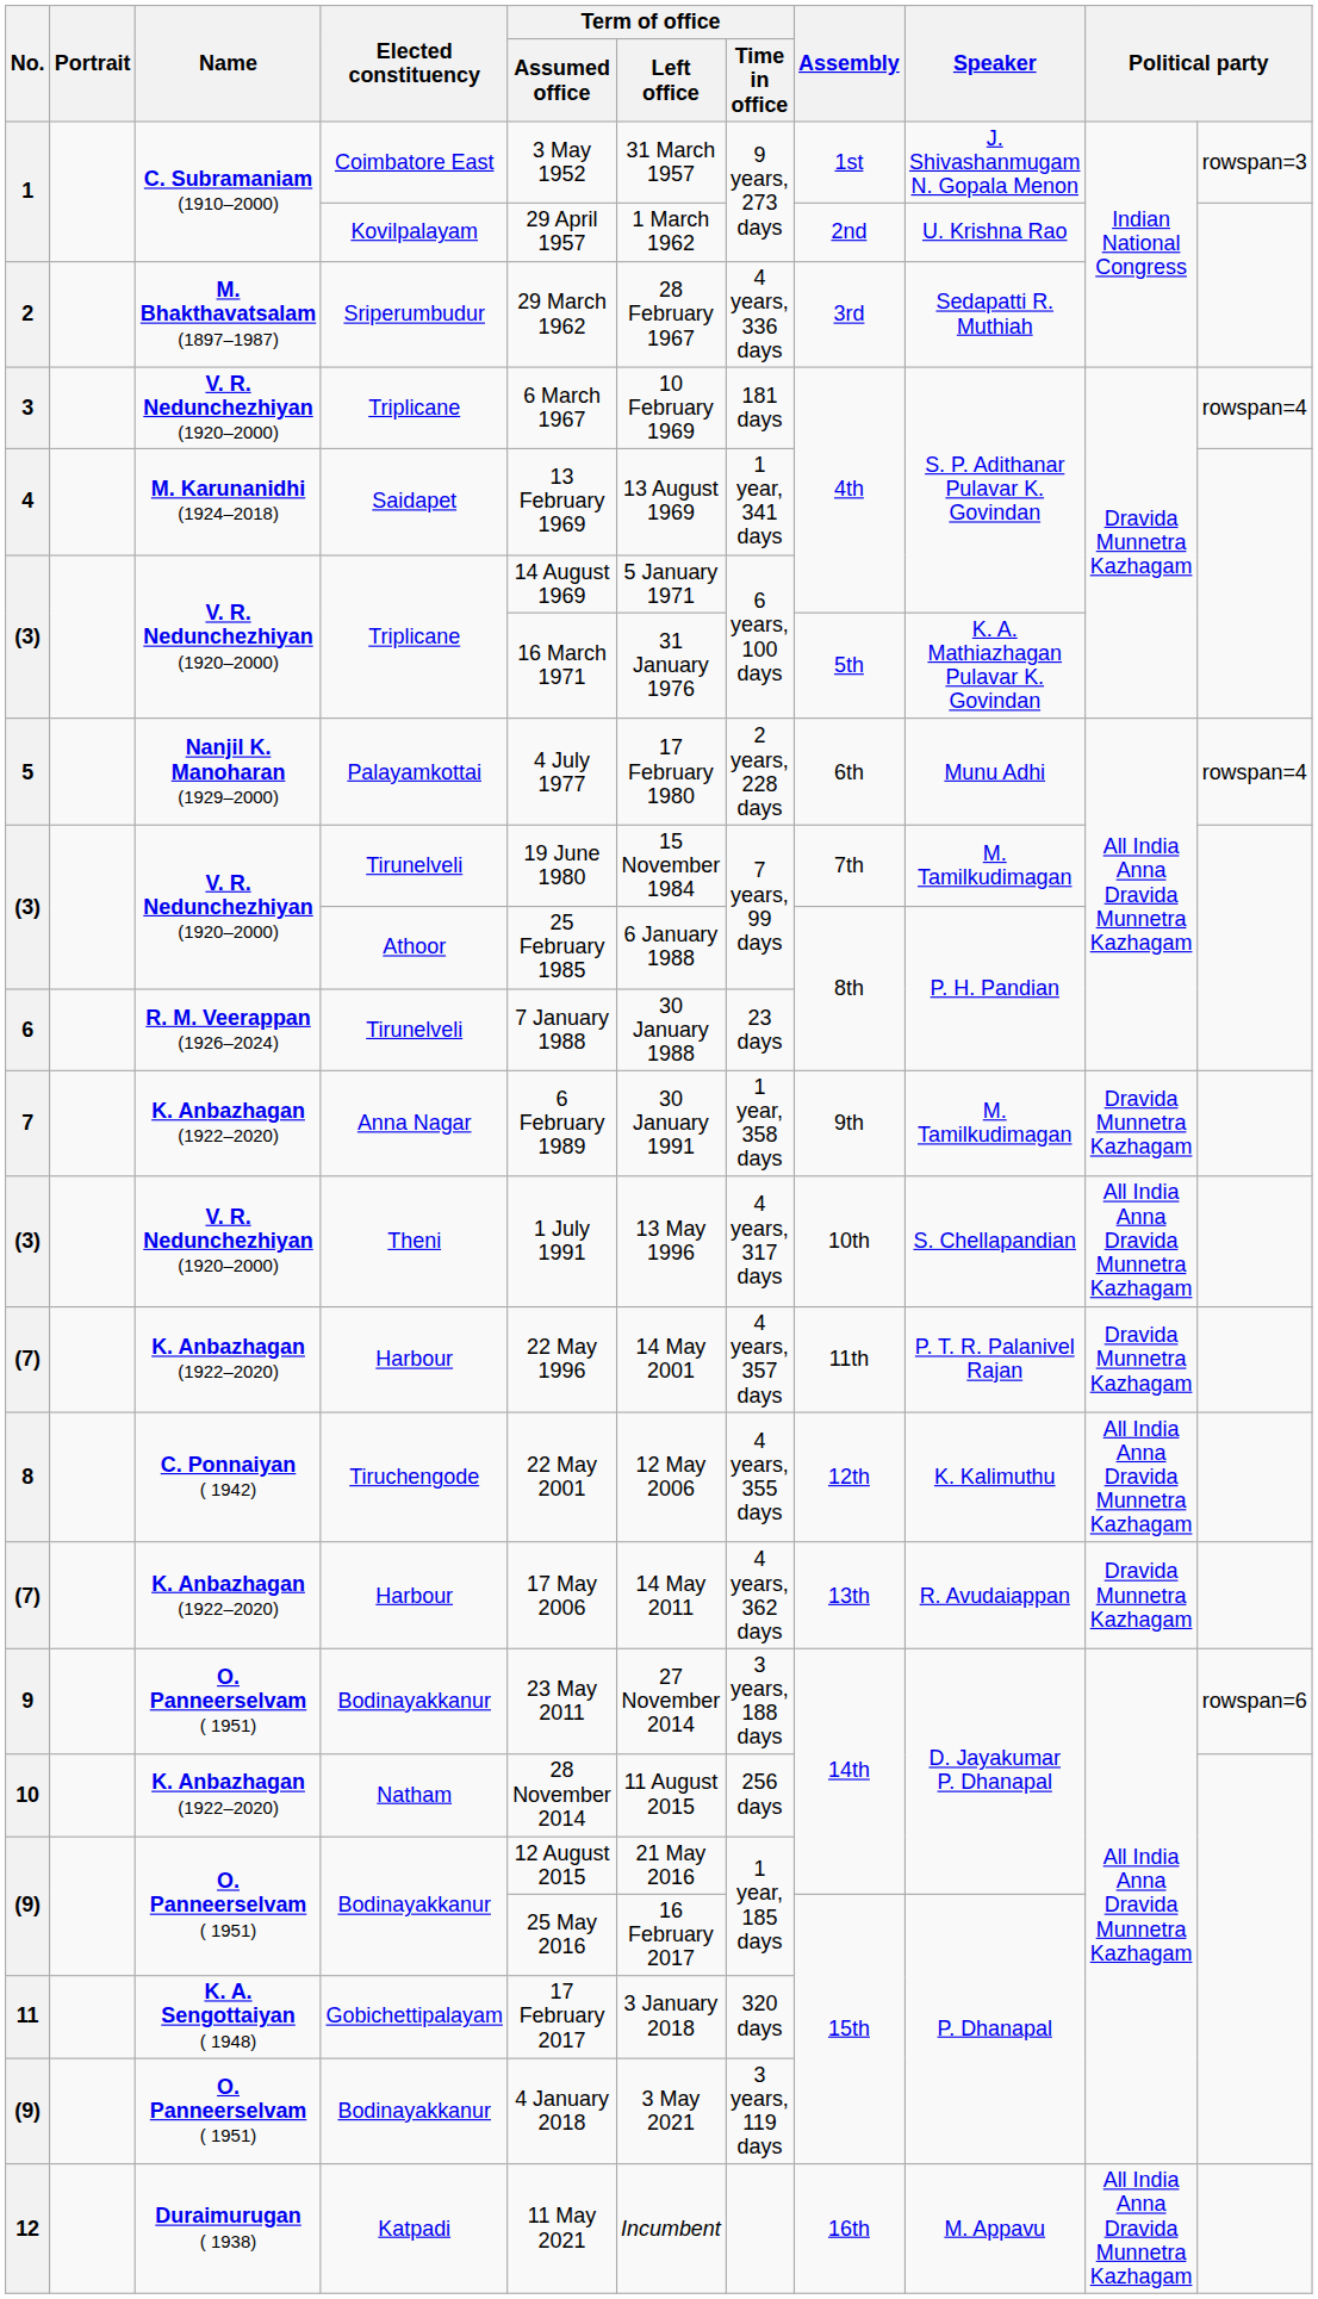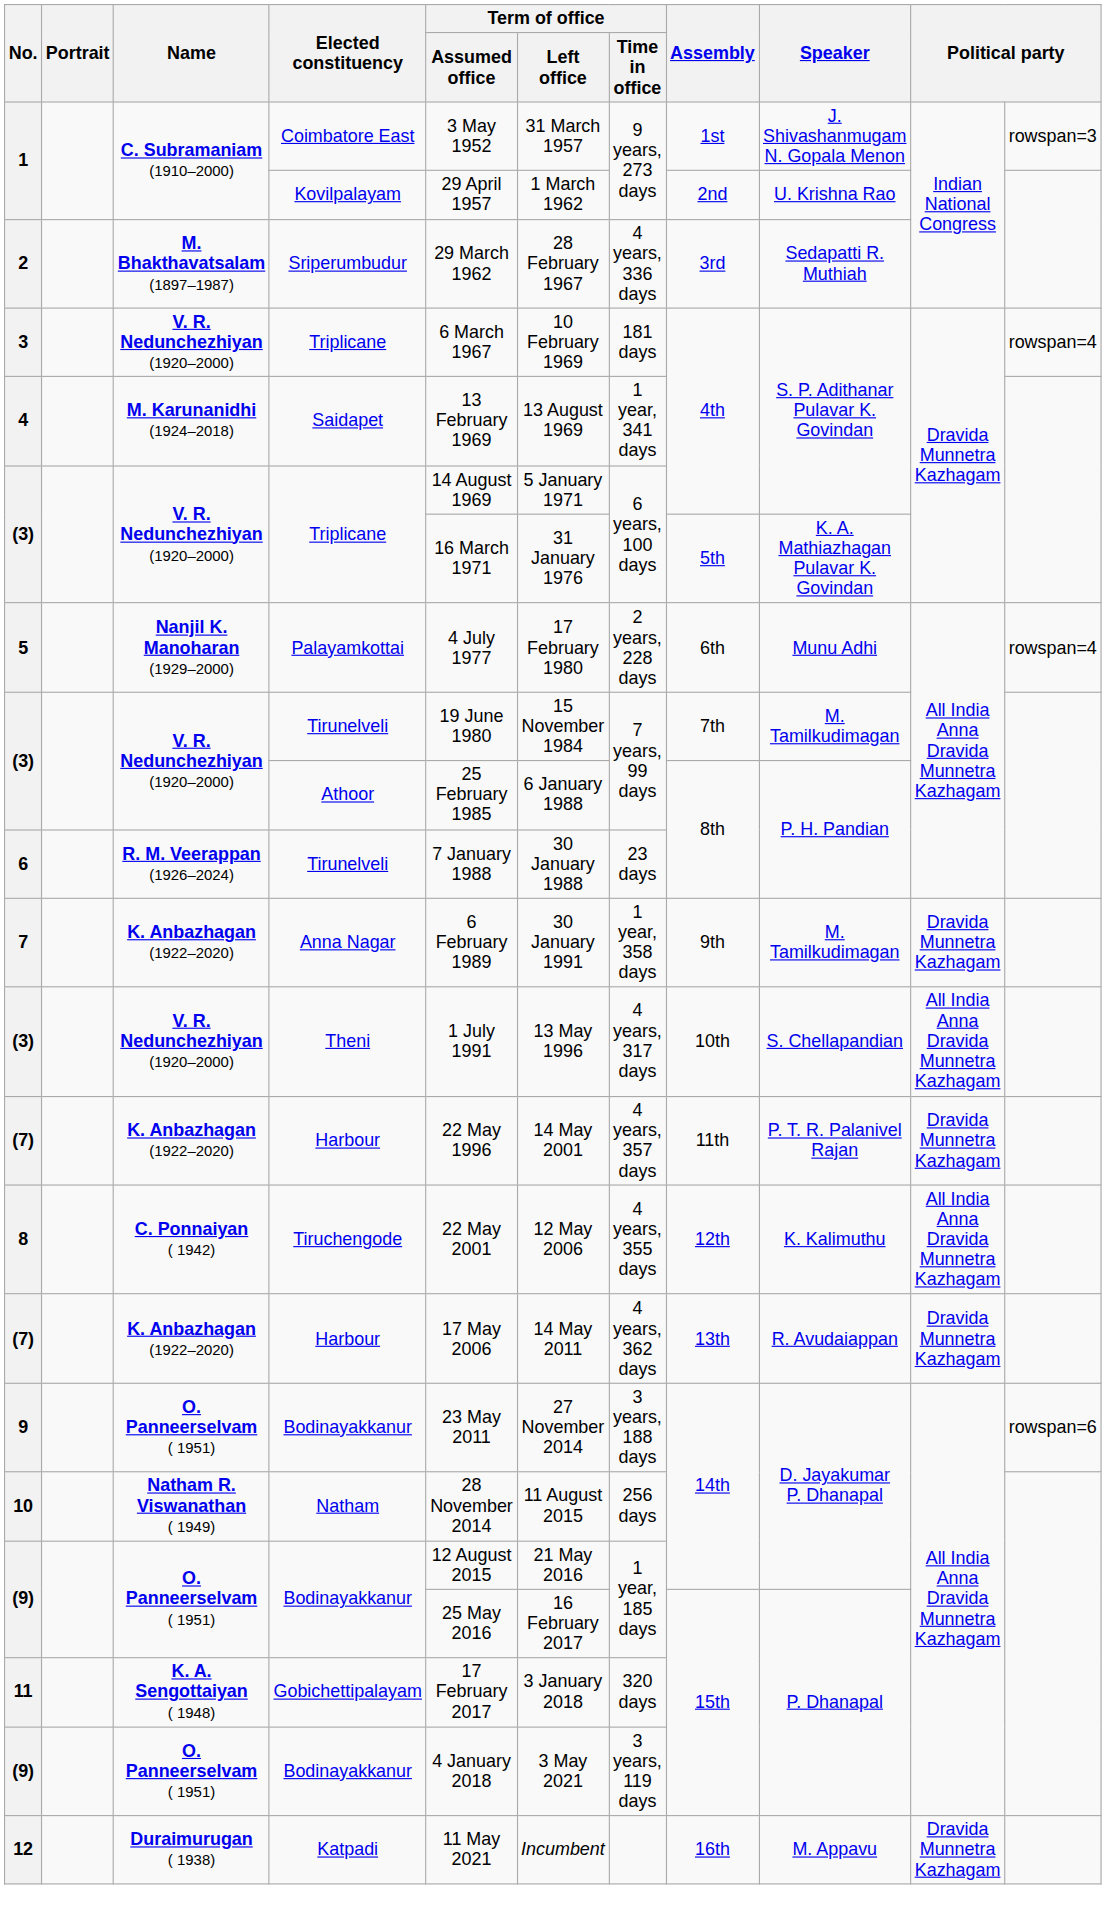 <table class="wikitable sortable" style="text-align:center">
 <tr>
 <th rowspan=2>No.</th>
 <th rowspan=2>Portrait</th>
 <th rowspan=2>Name<br><small></small></th>
 <th rowspan=2>Elected constituency</th>
 <th colspan=3>Term of office</th>
 <th rowspan=2><a href='#'>Assembly</a><br></th>
 <th rowspan=2><a href='#'>Speaker</a></th>
 <th rowspan=2 colspan=2>Political party</th>
 </tr>
 <tr>
 <th>Assumed office</th>
 <th>Left office</th>
 <th>Time in office</th>
 </tr>
 <tr>
 <th rowspan=2>1</th>
 <td rowspan=2></td>
 <td rowspan=2><strong><a href='#'>C. Subramaniam</a></strong><br><small>(1910–2000)</small></td>
 <td><a href='#'>Coimbatore East</a></td>
 <td>3 May 1952</td>
 <td>31 March 1957</td>
 <td rowspan=2>9 years, 273 days</td>
 <td><a href='#'>1st</a><br></td>
 <td><a href='#'>J. Shivashanmugam</a><br><a href='#'>N. Gopala Menon</a></td>
 <td rowspan=3><a href='#'>Indian National Congress</a></td>
 <td>rowspan=3 </td>
 </tr>
 <tr>
 <td><a href='#'>Kovilpalayam</a></td>
 <td>29 April 1957</td>
 <td>1 March 1962</td>
 <td><a href='#'>2nd</a><br></td>
 <td><a href='#'>U. Krishna Rao</a></td>
 </tr>
 <tr>
 <th>2</th>
 <td></td>
 <td><strong><a href='#'>M. Bhakthavatsalam</a></strong><br><small>(1897–1987)</small></td>
 <td><a href='#'>Sriperumbudur</a></td>
 <td>29 March 1962</td>
 <td>28 February 1967</td>
 <td>4 years, 336 days</td>
 <td><a href='#'>3rd</a><br></td>
 <td><a href='#'>Sedapatti R. Muthiah</a></td>
 </tr>
 <tr>
 <th>3</th>
 <td></td>
 <td><strong><a href='#'>V. R. Nedunchezhiyan</a></strong><br><small>(1920–2000)</small></td>
 <td><a href='#'>Triplicane</a></td>
 <td>6 March 1967</td>
 <td>10 February 1969</td>
 <td>181 days</td>
 <td rowspan=3><a href='#'>4th</a><br></td>
 <td rowspan=3><a href='#'>S. P. Adithanar</a><br><a href='#'>Pulavar K. Govindan</a></td>
 <td rowspan=4><a href='#'>Dravida Munnetra Kazhagam</a></td>
 <td>rowspan=4 </td>
 </tr>
 <tr>
 <th>4</th>
 <td></td>
 <td><strong><a href='#'>M. Karunanidhi</a></strong><br><small>(1924–2018)</small></td>
 <td><a href='#'>Saidapet</a></td>
 <td>13 February 1969</td>
 <td>13 August 1969</td>
 <td>1 year, 341 days</td>
 </tr>
 <tr>
 <th rowspan=2>(3)</th>
 <td rowspan=2></td>
 <td rowspan=2><strong><a href='#'>V. R. Nedunchezhiyan</a></strong><br><small>(1920–2000)</small></td>
 <td rowspan=2><a href='#'>Triplicane</a></td>
 <td>14 August 1969</td>
 <td>5 January 1971</td>
 <td rowspan=2>6 years, 100 days</td>
 </tr>
 <tr>
 <td>16 March 1971</td>
 <td>31 January 1976</td>
 <td><a href='#'>5th</a><br></td>
 <td><a href='#'>K. A. Mathiazhagan</a><br><a href='#'>Pulavar K. Govindan</a></td>
 </tr>
 <tr>
 <th>5</th>
 <td></td>
 <td><strong><a href='#'>Nanjil K. Manoharan</a></strong><br><small>(1929–2000)</small></td>
 <td><a href='#'>Palayamkottai</a></td>
 <td>4 July 1977</td>
 <td>17 February 1980</td>
 <td>2 years, 228 days</td>
 <td>6th<br></td>
 <td><a href='#'>Munu Adhi</a></td>
 <td rowspan=4><a href='#'>All India Anna Dravida Munnetra Kazhagam</a></td>
 <td>rowspan=4 </td>
 </tr>
 <tr>
 <th rowspan=2>(3)</th>
 <td rowspan=2></td>
 <td rowspan=2><strong><a href='#'>V. R. Nedunchezhiyan</a></strong><br><small>(1920–2000)</small></td>
 <td><a href='#'>Tirunelveli</a></td>
 <td>19 June 1980</td>
 <td>15 November 1984</td>
 <td rowspan=2>7 years, 99 days</td>
 <td>7th<br></td>
 <td><a href='#'>M. Tamilkudimagan</a></td>
 </tr>
 <tr>
 <td><a href='#'>Athoor</a></td>
 <td>25 February 1985</td>
 <td>6 January 1988</td>
 <td rowspan=2>8th<br></td>
 <td rowspan=2><a href='#'>P. H. Pandian</a></td>
 </tr>
 <tr>
 <th>6</th>
 <td></td>
 <td><strong><a href='#'>R. M. Veerappan</a></strong><br><small>(1926–2024)</small></td>
 <td><a href='#'>Tirunelveli</a></td>
 <td>7 January 1988</td>
 <td>30 January 1988</td>
 <td>23 days</td>
 </tr>
 <tr>
 <th>7</th>
 <td></td>
 <td><strong><a href='#'>K. Anbazhagan</a></strong><br><small>(1922–2020)</small></td>
 <td><a href='#'>Anna Nagar</a></td>
 <td>6 February 1989</td>
 <td>30 January 1991</td>
 <td>1 year, 358 days</td>
 <td>9th<br></td>
 <td><a href='#'>M. Tamilkudimagan</a></td>
 <td><a href='#'>Dravida Munnetra Kazhagam</a></td>
 <td></td>
 </tr>
 <tr>
 <th>(3)</th>
 <td></td>
 <td><strong><a href='#'>V. R. Nedunchezhiyan</a></strong><br><small>(1920–2000)</small></td>
 <td><a href='#'>Theni</a></td>
 <td>1 July 1991</td>
 <td>13 May 1996</td>
 <td>4 years, 317 days</td>
 <td>10th<br></td>
 <td><a href='#'>S. Chellapandian</a></td>
 <td><a href='#'>All India Anna Dravida Munnetra Kazhagam</a></td>
 <td></td>
 </tr>
 <tr>
 <th>(7)</th>
 <td></td>
 <td><strong><a href='#'>K. Anbazhagan</a></strong><br><small>(1922–2020)</small></td>
 <td><a href='#'>Harbour</a></td>
 <td>22 May 1996</td>
 <td>14 May 2001</td>
 <td>4 years, 357 days</td>
 <td>11th<br></td>
 <td><a href='#'>P. T. R. Palanivel Rajan</a></td>
 <td><a href='#'>Dravida Munnetra Kazhagam</a></td>
 <td></td>
 </tr>
 <tr>
 <th>8</th>
 <td></td>
 <td><strong><a href='#'>C. Ponnaiyan</a></strong><br><small>( 1942)</small></td>
 <td><a href='#'>Tiruchengode</a></td>
 <td>22 May 2001</td>
 <td>12 May 2006</td>
 <td>4 years, 355 days</td>
 <td><a href='#'>12th</a><br></td>
 <td><a href='#'>K. Kalimuthu</a></td>
 <td><a href='#'>All India Anna Dravida Munnetra Kazhagam</a></td>
 <td></td>
 </tr>
 <tr>
 <th>(7)</th>
 <td></td>
 <td><strong><a href='#'>K. Anbazhagan</a></strong><br><small>(1922–2020)</small></td>
 <td><a href='#'>Harbour</a></td>
 <td>17 May 2006</td>
 <td>14 May 2011</td>
 <td>4 years, 362 days</td>
 <td><a href='#'>13th</a><br></td>
 <td><a href='#'>R. Avudaiappan</a></td>
 <td><a href='#'>Dravida Munnetra Kazhagam</a></td>
 <td></td>
 </tr>
 <tr>
 <th>9</th>
 <td></td>
 <td><strong><a href='#'>O. Panneerselvam</a></strong><br><small>( 1951)</small></td>
 <td><a href='#'>Bodinayakkanur</a></td>
 <td>23 May 2011</td>
 <td>27 November 2014</td>
 <td>3 years, 188 days</td>
 <td rowspan=3><a href='#'>14th</a><br></td>
 <td rowspan=3><a href='#'>D. Jayakumar</a><br><a href='#'>P. Dhanapal</a></td>
 <td rowspan=6><a href='#'>All India Anna Dravida Munnetra Kazhagam</a></td>
 <td>rowspan=6 </td>
 </tr>
 <tr>
 <th>10</th>
 <td></td>
-<td><strong><a href='#'>K. Anbazhagan</a></strong><br><small>(1922–2020)</small></td>
+<td><strong><a href='#'>Natham R. Viswanathan</a></strong><br><small>( 1949)</small></td>
 <td><a href='#'>Natham</a></td>
 <td>28 November 2014</td>
 <td>11 August 2015</td>
 <td>256 days</td>
 </tr>
 <tr>
 <th rowspan=2>(9)</th>
 <td rowspan=2></td>
 <td rowspan=2><strong><a href='#'>O. Panneerselvam</a></strong><br><small>( 1951)</small></td>
 <td rowspan=2><a href='#'>Bodinayakkanur</a></td>
 <td>12 August 2015</td>
 <td>21 May 2016</td>
 <td rowspan=2>1 year, 185 days</td>
 </tr>
 <tr>
 <td>25 May 2016</td>
 <td>16 February 2017</td>
 <td rowspan=3><a href='#'>15th</a><br></td>
 <td rowspan=3><a href='#'>P. Dhanapal</a></td>
 </tr>
 <tr>
 <th>11</th>
 <td></td>
 <td><strong><a href='#'>K. A. Sengottaiyan</a></strong><br><small>( 1948)</small></td>
 <td><a href='#'>Gobichettipalayam</a></td>
 <td>17 February 2017</td>
 <td>3 January 2018</td>
 <td>320 days</td>
 </tr>
 <tr>
 <th>(9)</th>
 <td></td>
 <td><strong><a href='#'>O. Panneerselvam</a></strong><br><small>( 1951)</small></td>
 <td><a href='#'>Bodinayakkanur</a></td>
 <td>4 January 2018</td>
 <td>3 May 2021</td>
 <td>3 years, 119 days</td>
 </tr>
 <tr>
 <th>12</th>
 <td></td>
 <td><strong><a href='#'>Duraimurugan</a></strong><br><small>( 1938)</small></td>
 <td><a href='#'>Katpadi</a></td>
 <td>11 May 2021</td>
 <td><em>Incumbent</em></td>
 <td></td>
 <td><a href='#'>16th</a><br></td>
 <td><a href='#'>M. Appavu</a></td>
-<td><a href='#'>All India Anna Dravida Munnetra Kazhagam</a></td>
+<td><a href='#'>Dravida Munnetra Kazhagam</a></td>
 <td></td>
 </tr>
 </table>
